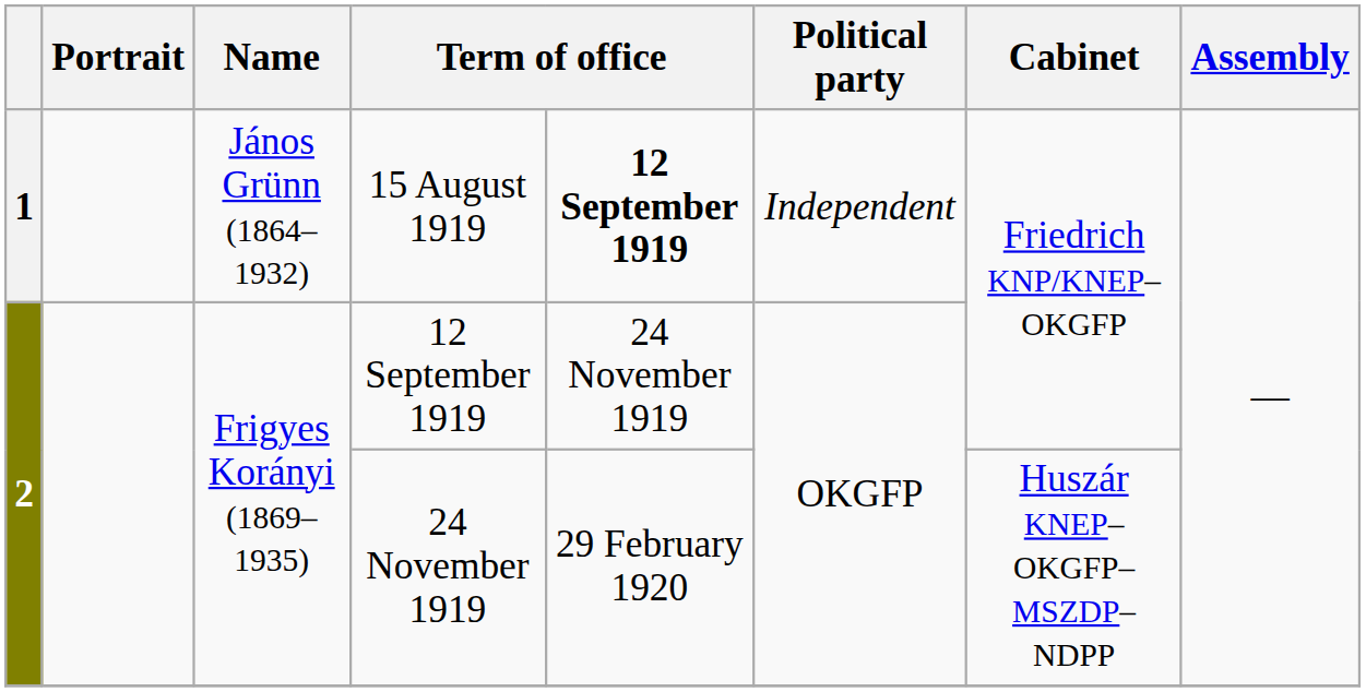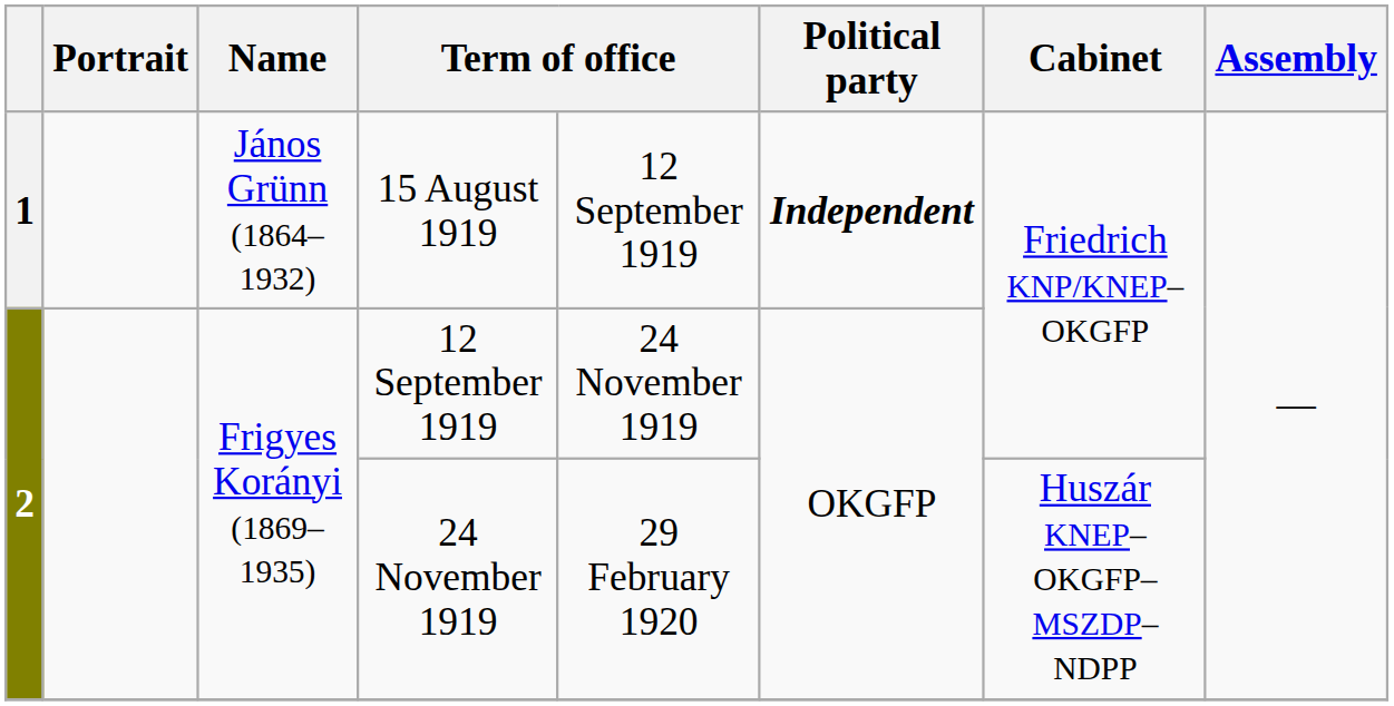 <table class="wikitable" style="width:90%; text-align:center;">
 <tr>
 <th></th>
 <th>Portrait</th>
 <th>Name<br></th>
 <th colspan=2>Term of office</th>
 <th>Political party</th>
 <th>Cabinet</th>
 <th><a href='#'>Assembly</a><br></th>
 </tr>
 <tr>
 <th style="background:">1</th>
 <td></td>
 <td><a href='#'>János Grünn</a><br><small>(1864–1932)</small></td>
 <td>15 August 1919</td>
-<td><strong>12 September 1919</strong></td>
-<td><em>Independent</em></td>
+<td>12 September 1919</td>
+<td><strong><em>Independent</em></strong></td>
 <td rowspan="2"><a href='#'>Friedrich</a><br><small><a href='#'>KNP/KNEP</a>–OKGFP</small></td>
 <td rowspan="3">—</td>
 </tr>
 <tr>
 <th rowspan="2" style="background-color:#808000; color:white">2</th>
 <td rowspan="2"></td>
 <td rowspan="2"><a href='#'>Frigyes Korányi</a><br><small>(1869–1935)</small></td>
 <td>12 September 1919</td>
 <td>24 November 1919</td>
 <td rowspan="2">OKGFP</td>
 </tr>
 <tr>
 <td>24 November 1919</td>
 <td>29 February 1920</td>
 <td><a href='#'>Huszár</a><br><small><a href='#'>KNEP</a>–OKGFP–<a href='#'>MSZDP</a>–NDPP</small></td>
 </tr>
 <tr>
 </tr>
 </table>
